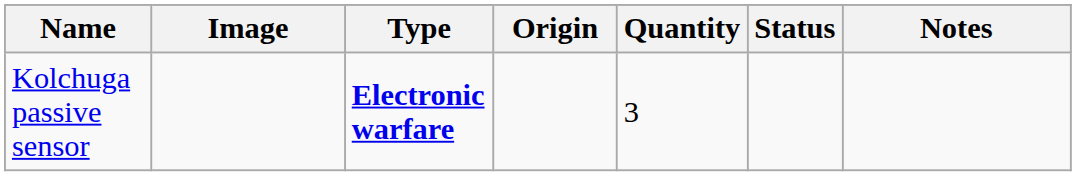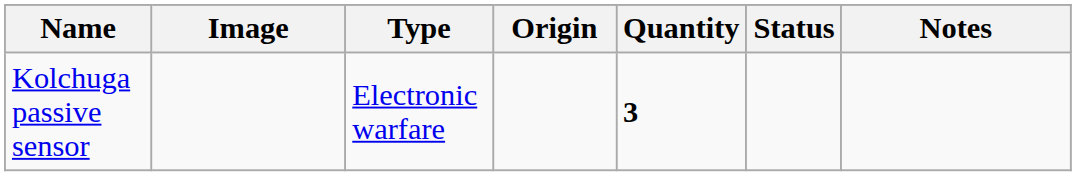 <table class="wikitable" style="width:90%;">
 <tr>
 <th width=14%>Name</th>
 <th width=20%>Image</th>
 <th width=14%>Type</th>
 <th width=12%>Origin</th>
 <th width=10%>Quantity</th>
 <th width=06%>Status</th>
 <th width=24%>Notes</th>
 </tr>
 <tr>
 <td><a href='#'>Kolchuga passive sensor</a></td>
 <td></td>
-<td><strong><a href='#'>Electronic warfare</a></strong></td>
+<td><a href='#'>Electronic warfare</a></td>
 <td></td>
-<td>3</td>
+<td><strong>3</strong></td>
 <td></td>
 </tr>
 </table>
